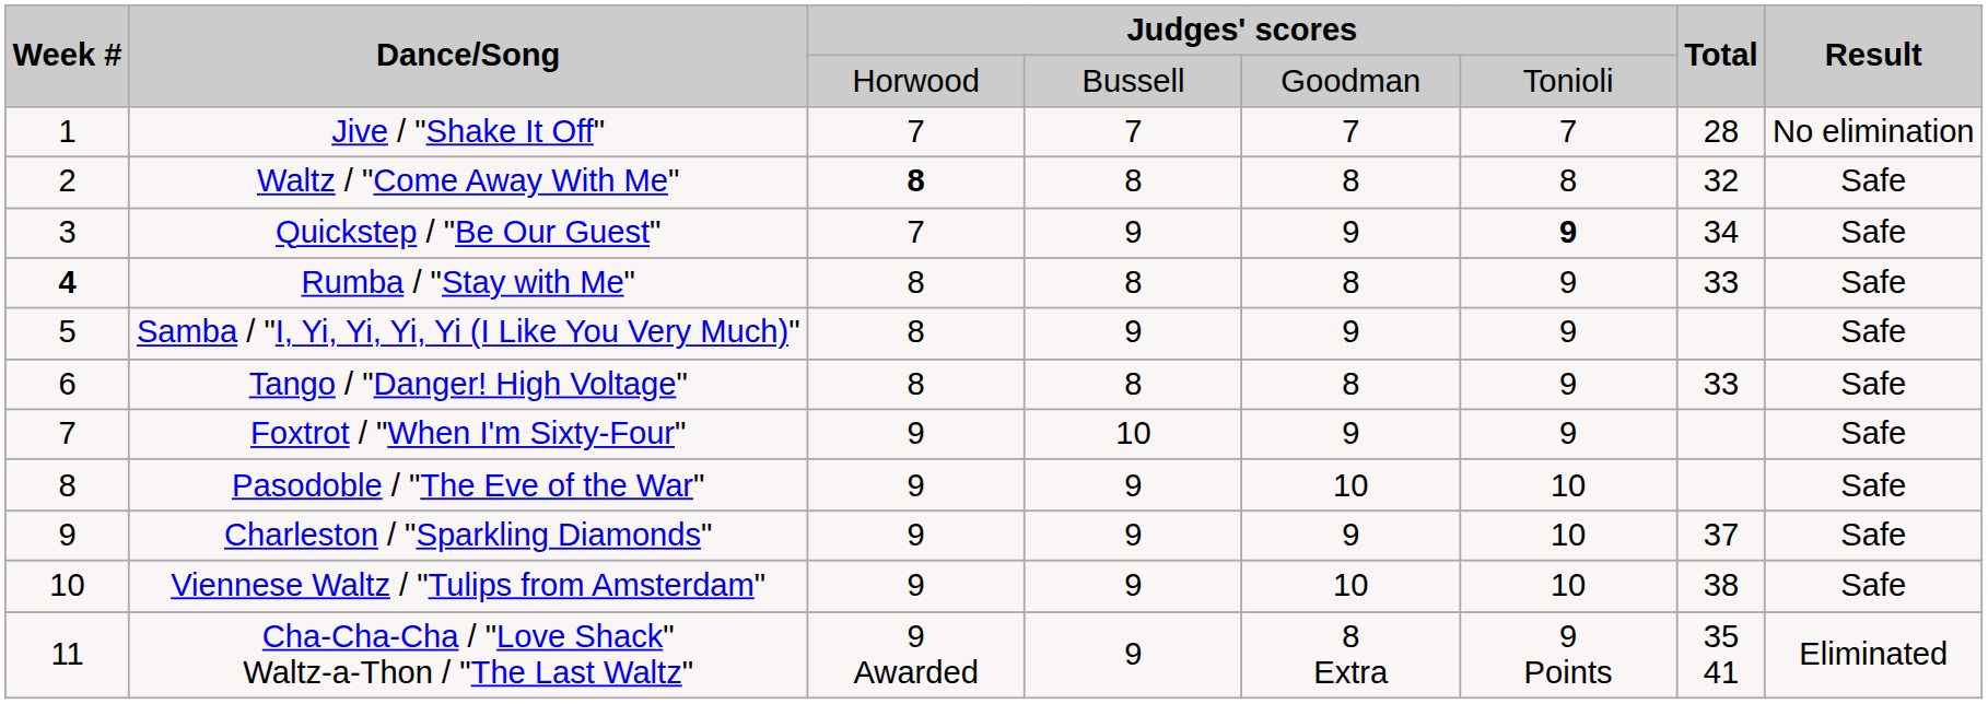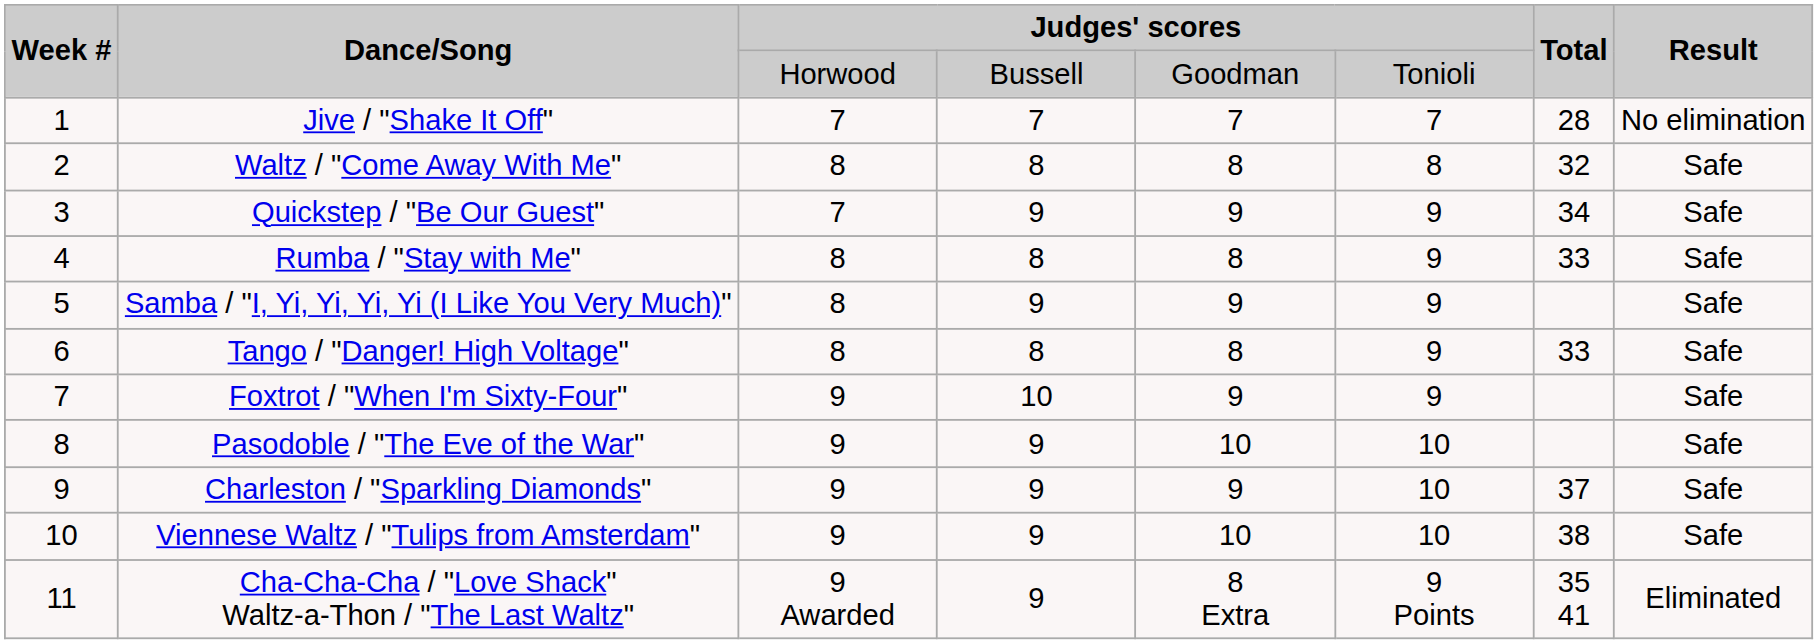 <table class="wikitable collapsible collapsed">
 <tr style="text-align: center; background:#ccc;">
 <td rowspan="2"><strong>Week #</strong></td>
 <td rowspan="2"><strong>Dance/Song</strong></td>
 <td colspan="4"><strong>Judges' scores</strong></td>
 <td rowspan="2"><strong>Total</strong></td>
 <td rowspan="2"><strong>Result</strong></td>
 </tr>
 <tr style="text-align: center; background:#ccc;">
 <td style="width:11%; ">Horwood</td>
 <td style="width:11%; ">Bussell</td>
 <td style="width:11%; ">Goodman</td>
 <td style="width:11%; ">Tonioli</td>
 </tr>
 <tr style="text-align: center; background:#faf6f6;">
 <td>1</td>
 <td><a href='#'>Jive</a> / "<a href='#'>Shake It Off</a>"</td>
 <td>7</td>
 <td>7</td>
 <td>7</td>
 <td>7</td>
 <td>28</td>
 <td>No elimination</td>
 </tr>
 <tr style="text-align: center; background:#faf6f6;">
 <td>2</td>
 <td><a href='#'>Waltz</a> / "<a href='#'>Come Away With Me</a>"</td>
-<td><strong>8</strong></td>
+<td>8</td>
 <td>8</td>
 <td>8</td>
 <td>8</td>
 <td>32</td>
 <td>Safe</td>
 </tr>
 <tr style="text-align: center; background:#faf6f6;">
 <td>3</td>
 <td><a href='#'>Quickstep</a> / "<a href='#'>Be Our Guest</a>"</td>
 <td>7</td>
 <td>9</td>
 <td>9</td>
-<td><strong>9</strong></td>
+<td>9</td>
 <td>34</td>
 <td>Safe</td>
 </tr>
 <tr style="text-align: center; background:#faf6f6;">
-<td><strong>4</strong></td>
+<td>4</td>
 <td><a href='#'>Rumba</a> / "<a href='#'>Stay with Me</a>"</td>
 <td>8</td>
 <td>8</td>
 <td>8</td>
 <td>9</td>
 <td>33</td>
 <td>Safe</td>
 </tr>
 <tr style="text-align: center; background:#faf6f6;">
 <td>5</td>
 <td><a href='#'>Samba</a> / "<a href='#'>I, Yi, Yi, Yi, Yi (I Like You Very Much)</a>"</td>
 <td>8</td>
 <td>9</td>
 <td>9</td>
 <td>9</td>
 <td></td>
 <td>Safe</td>
 </tr>
 <tr style="text-align: center; background:#faf6f6;">
 <td>6</td>
 <td><a href='#'>Tango</a> / "<a href='#'>Danger! High Voltage</a>"</td>
 <td>8</td>
 <td>8</td>
 <td>8</td>
 <td>9</td>
 <td>33</td>
 <td>Safe</td>
 </tr>
 <tr style="text-align: center; background:#faf6f6;">
 <td>7</td>
 <td><a href='#'>Foxtrot</a> / "<a href='#'>When I'm Sixty-Four</a>"</td>
 <td>9</td>
 <td>10</td>
 <td>9</td>
 <td>9</td>
 <td></td>
 <td>Safe</td>
 </tr>
 <tr style="text-align: center; background:#faf6f6;">
 <td>8</td>
 <td><a href='#'>Pasodoble</a> / "<a href='#'>The Eve of the War</a>"</td>
 <td>9</td>
 <td>9</td>
 <td>10</td>
 <td>10</td>
 <td></td>
 <td>Safe</td>
 </tr>
 <tr style="text-align: center; background:#faf6f6;">
 <td>9</td>
 <td><a href='#'>Charleston</a> / "<a href='#'>Sparkling Diamonds</a>"</td>
 <td>9</td>
 <td>9</td>
 <td>9</td>
 <td>10</td>
 <td>37</td>
 <td>Safe</td>
 </tr>
 <tr style="text-align: center; background:#faf6f6;">
 <td>10</td>
 <td><a href='#'>Viennese Waltz</a> / "<a href='#'>Tulips from Amsterdam</a>"</td>
 <td>9</td>
 <td>9</td>
 <td>10</td>
 <td>10</td>
 <td>38</td>
 <td>Safe</td>
 </tr>
 <tr style="text-align: center; background:#faf6f6;">
 <td>11</td>
 <td><a href='#'>Cha-Cha-Cha</a> / "<a href='#'>Love Shack</a>" <br> Waltz-a-Thon / "<a href='#'>The Last Waltz</a>"</td>
 <td>9<br>Awarded</td>
 <td>9<br></td>
 <td>8<br>Extra</td>
 <td>9<br>Points</td>
 <td>35<br>41</td>
 <td>Eliminated</td>
 </tr>
 </table>
